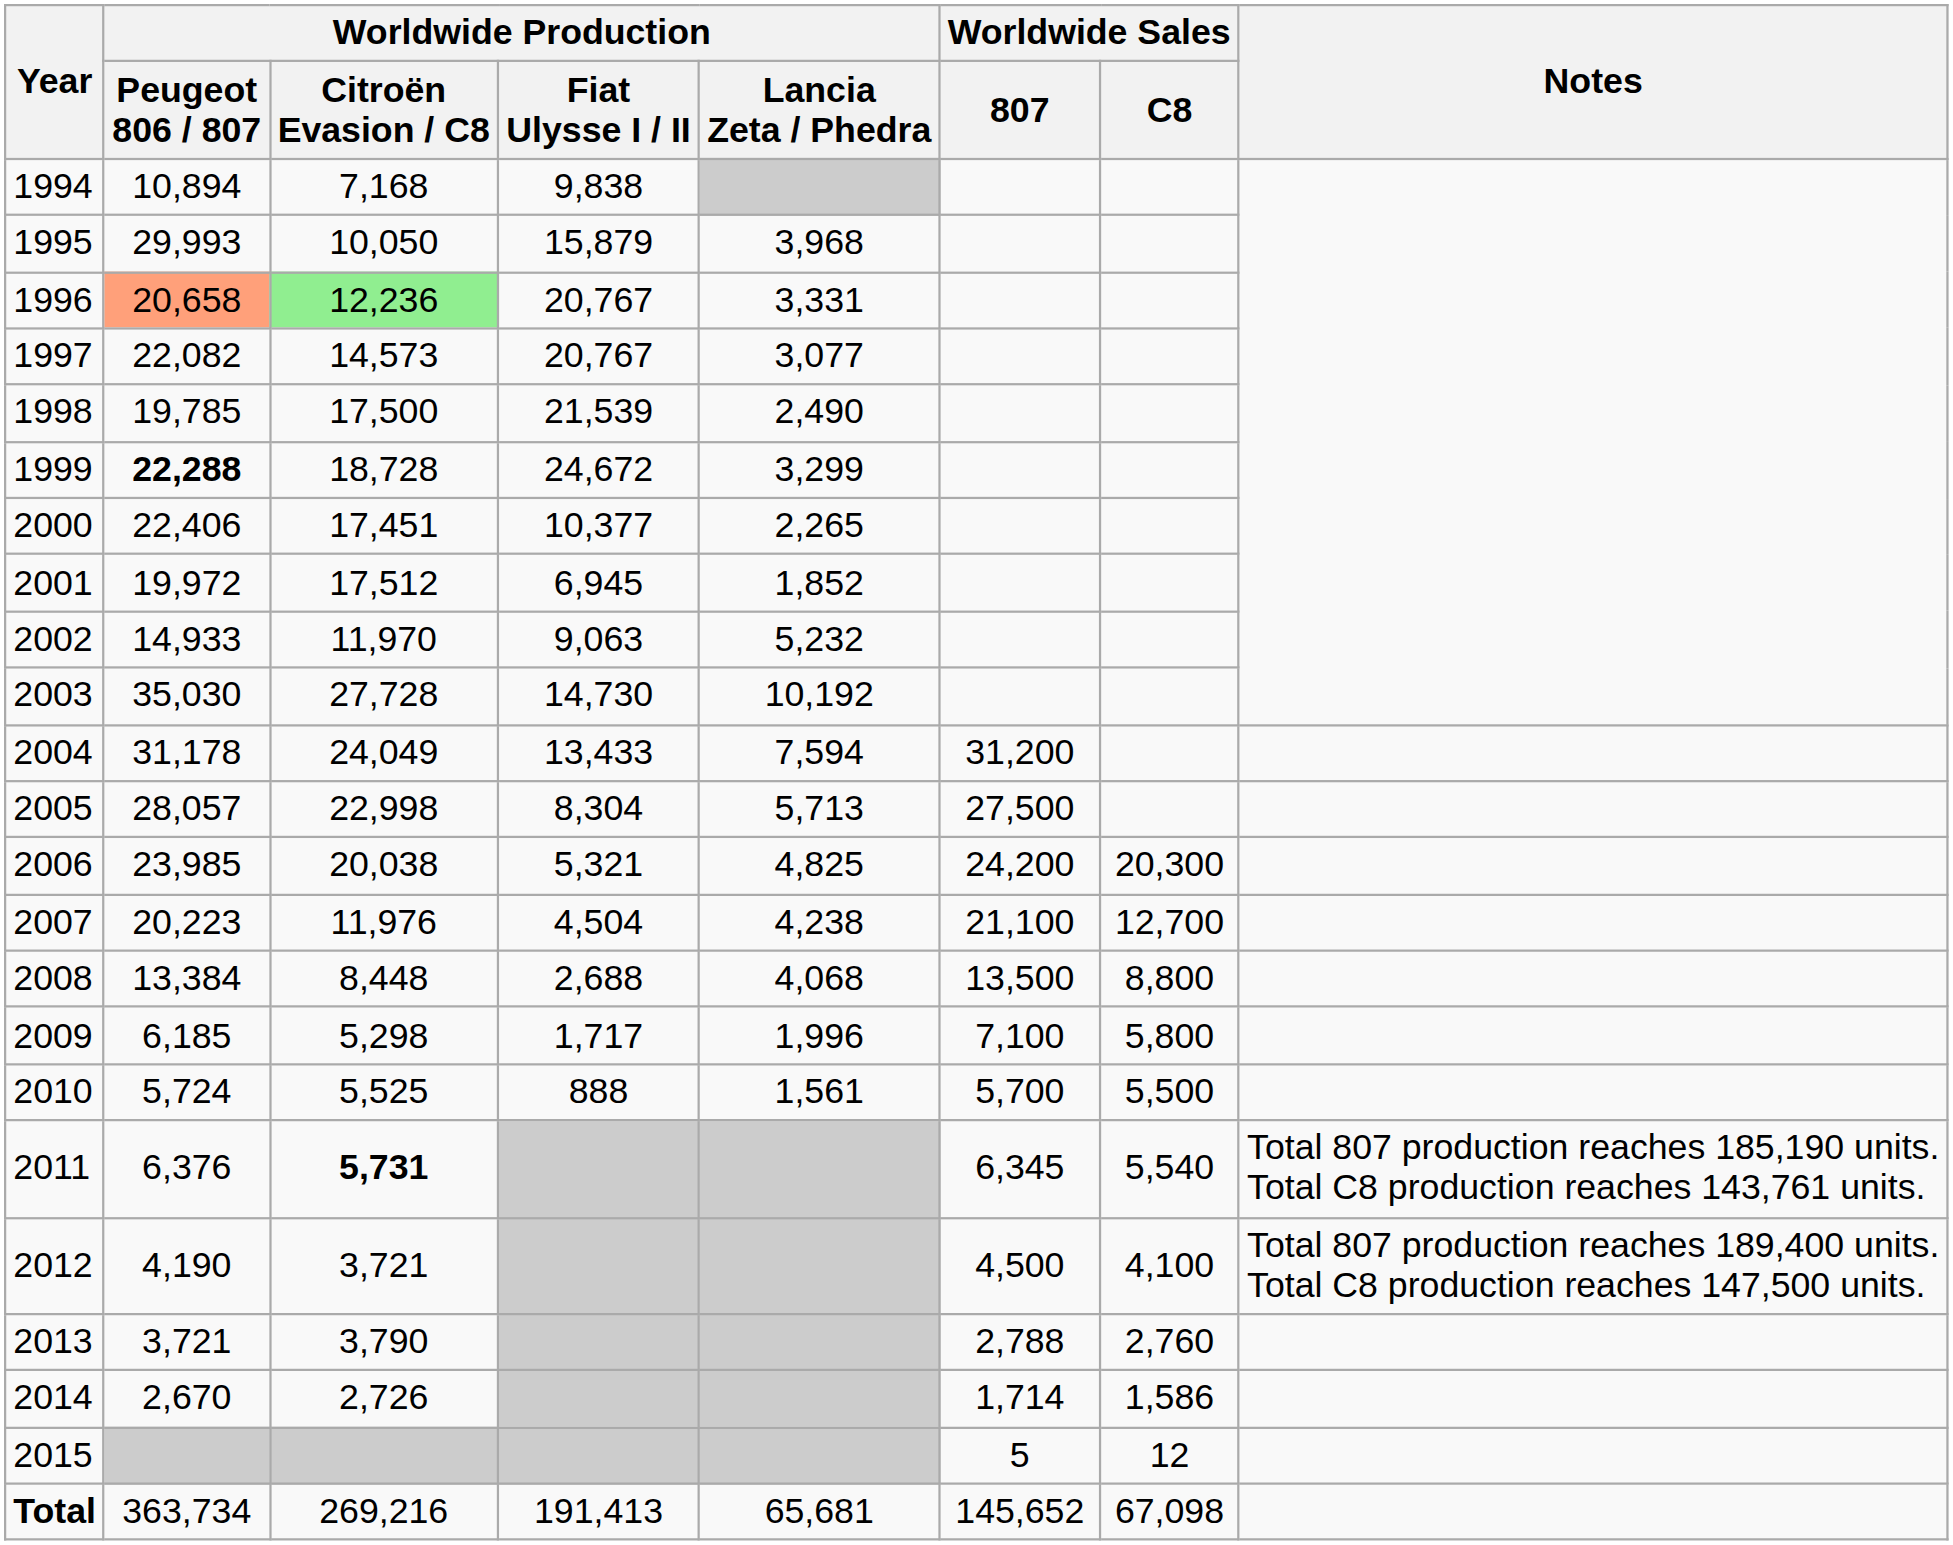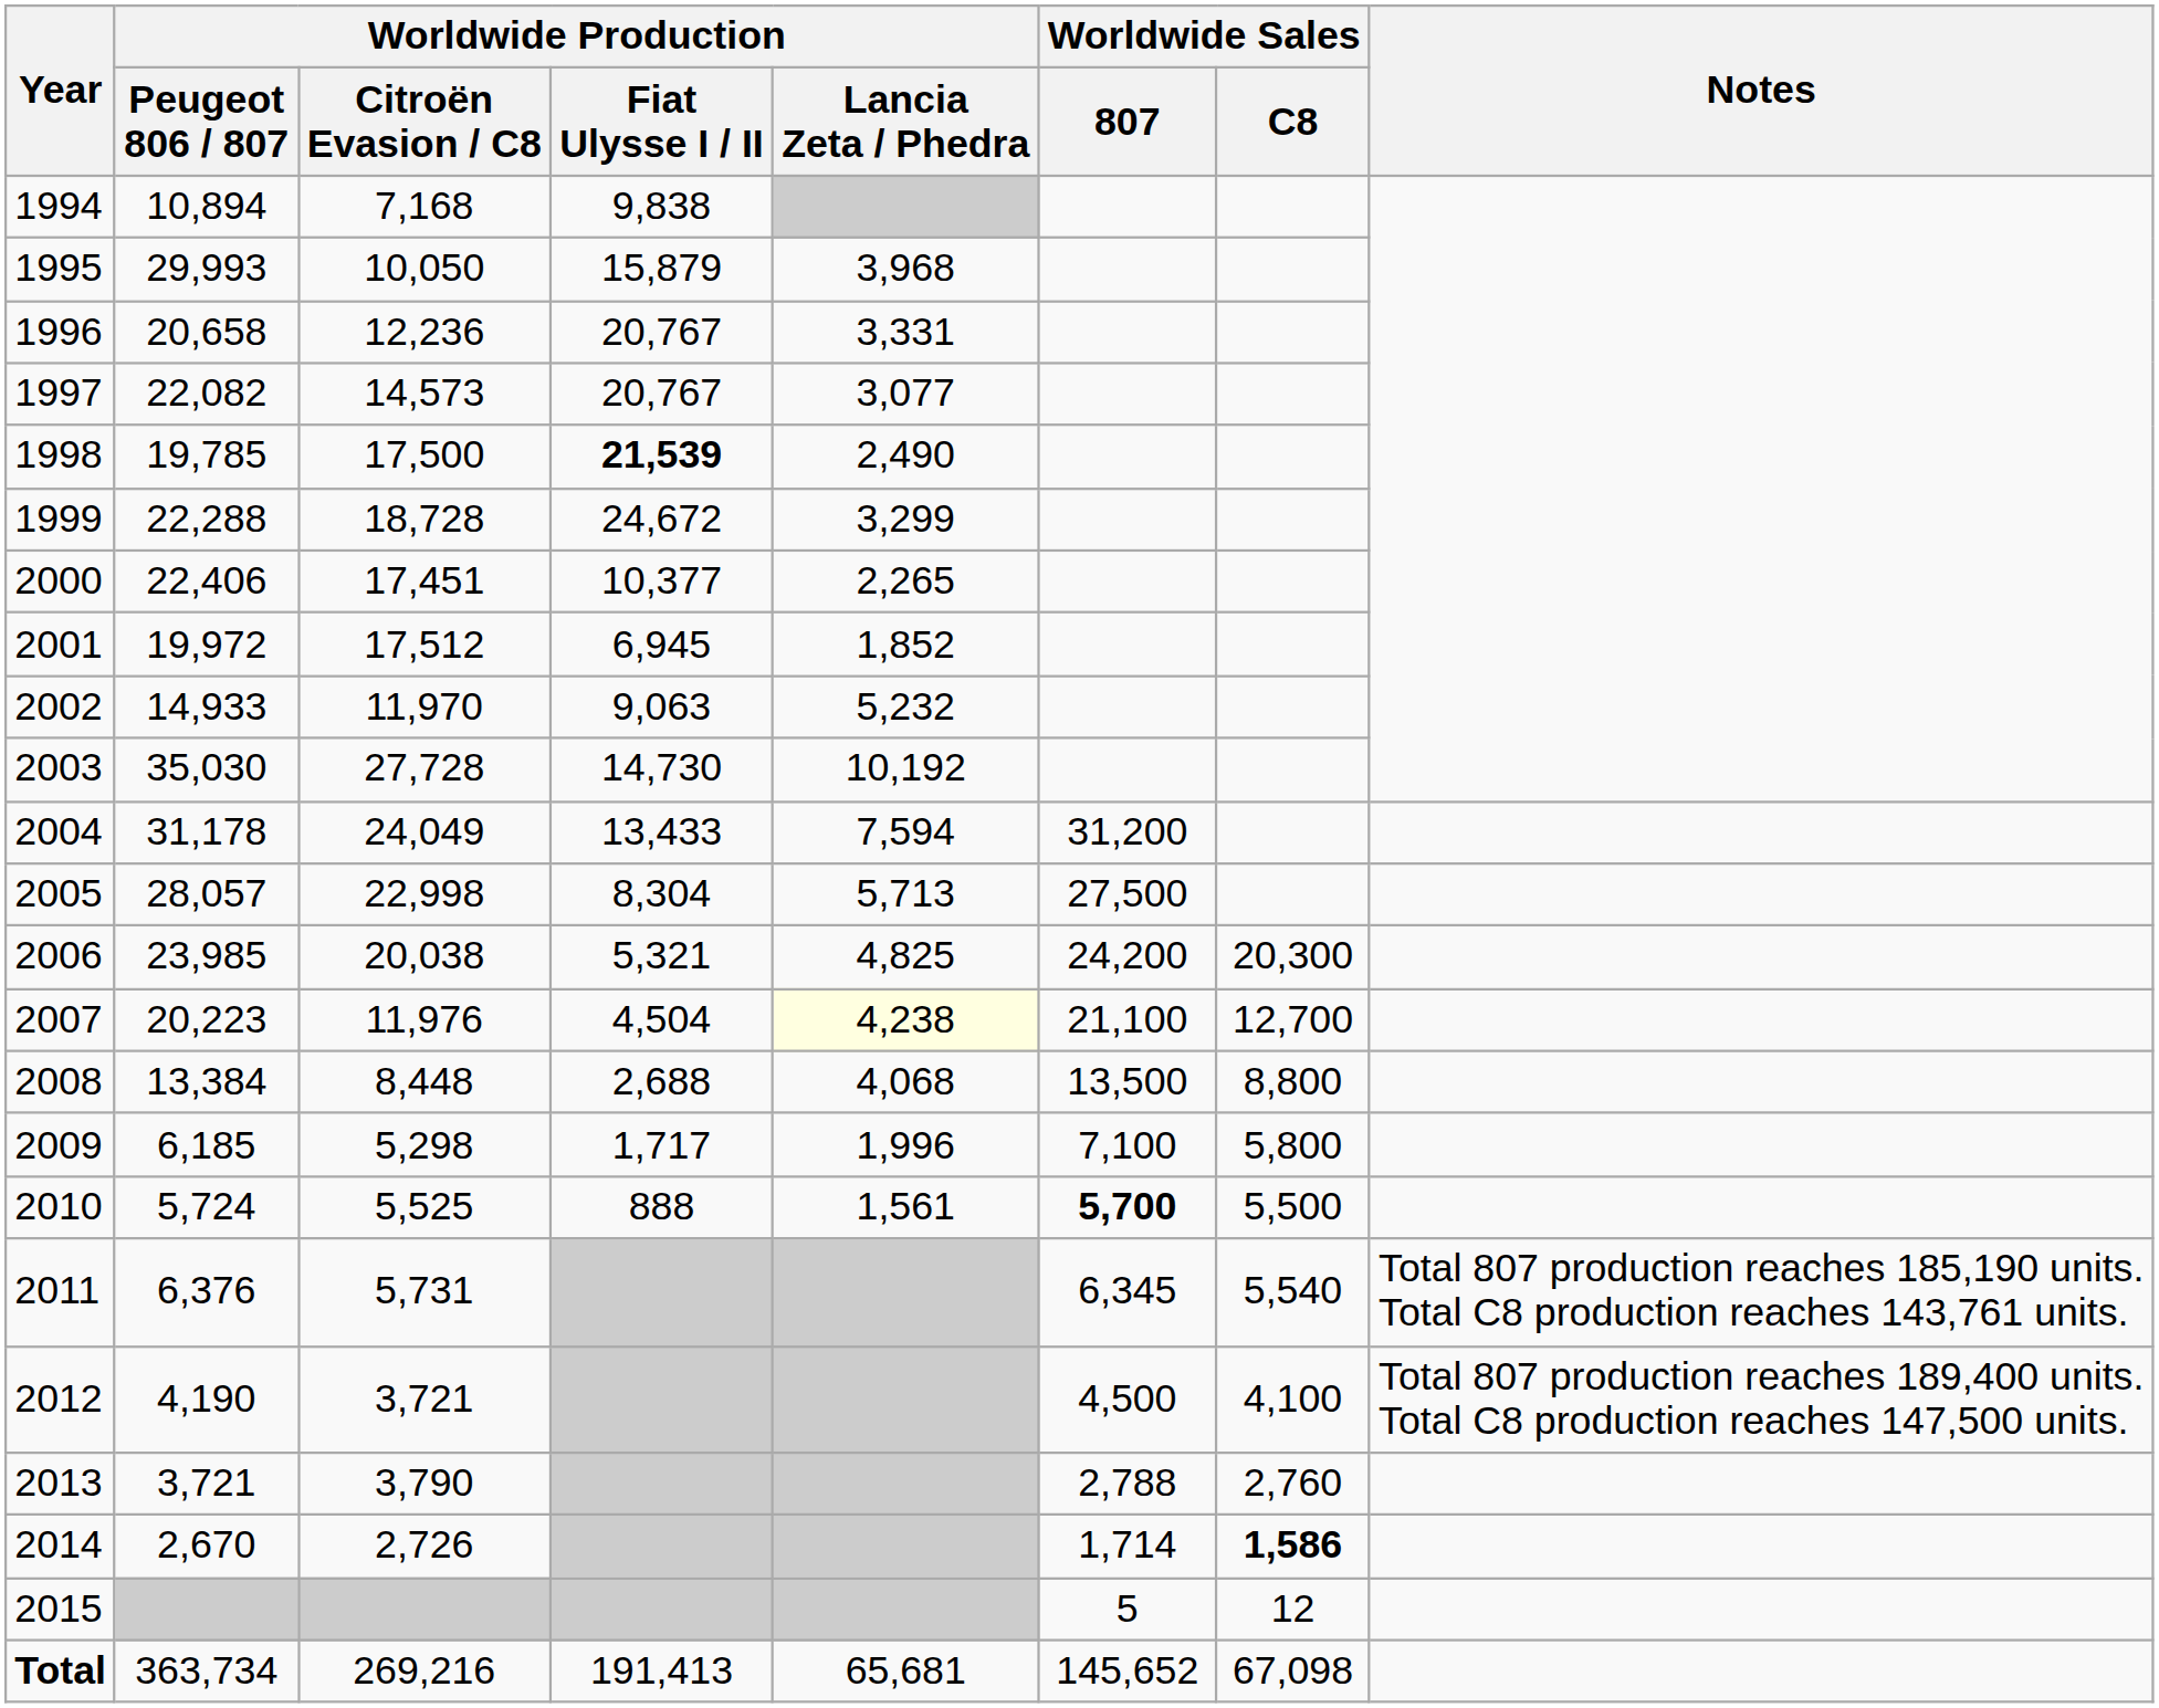 <table class="wikitable" style=";">
 <tr align="center">
 <th rowspan=2>Year</th>
 <th colspan=4>Worldwide Production</th>
 <th colspan=2>Worldwide Sales</th>
 <th rowspan=2>Notes</th>
 </tr>
 <tr>
 <th>Peugeot<br>806 / 807</th>
 <th>Citroën<br>Evasion / C8</th>
 <th>Fiat<br>Ulysse I / II</th>
 <th>Lancia<br>Zeta / Phedra</th>
 <th>807</th>
 <th>C8</th>
 </tr>
 <tr>
 <td>1994</td>
 <td align="center">10,894</td>
 <td align="center">7,168</td>
 <td align="center">9,838</td>
 <td style="background:#CCCCCC"></td>
 <td></td>
 <td></td>
 </tr>
 <tr>
 <td>1995</td>
 <td align="center">29,993</td>
 <td align="center">10,050</td>
 <td align="center">15,879</td>
 <td align="center">3,968</td>
 <td></td>
 <td></td>
 </tr>
 <tr>
 <td>1996</td>
-<td align="center" style="background: lightsalmon;">20,658</td>
-<td align="center" style="background: lightgreen;">12,236</td>
+<td align="center">20,658</td>
+<td align="center">12,236</td>
 <td align="center">20,767</td>
 <td align="center">3,331</td>
 <td></td>
 <td></td>
 </tr>
 <tr>
 <td>1997</td>
 <td align="center">22,082</td>
 <td align="center">14,573</td>
 <td align="center">20,767</td>
 <td align="center">3,077</td>
 <td></td>
 <td></td>
 </tr>
 <tr>
 <td>1998</td>
 <td align="center">19,785</td>
 <td align="center">17,500</td>
-<td align="center">21,539</td>
+<td align="center"><strong>21,539</strong></td>
 <td align="center">2,490</td>
 <td></td>
 <td></td>
 </tr>
 <tr>
 <td>1999</td>
-<td align="center"><strong>22,288</strong></td>
+<td align="center">22,288</td>
 <td align="center">18,728</td>
 <td align="center">24,672</td>
 <td align="center">3,299</td>
 <td></td>
 <td></td>
 </tr>
 <tr>
 <td>2000</td>
 <td align="center">22,406</td>
 <td align="center">17,451</td>
 <td align="center">10,377</td>
 <td align="center">2,265</td>
 <td></td>
 <td></td>
 </tr>
 <tr>
 <td>2001</td>
 <td align="center">19,972</td>
 <td align="center">17,512</td>
 <td align="center">6,945</td>
 <td align="center">1,852</td>
 <td></td>
 <td></td>
 </tr>
 <tr>
 <td>2002</td>
 <td align="center">14,933</td>
 <td align="center">11,970</td>
 <td align="center">9,063</td>
 <td align="center">5,232</td>
 <td></td>
 <td></td>
 </tr>
 <tr>
 <td>2003</td>
 <td align="center">35,030</td>
 <td align="center">27,728</td>
 <td align="center">14,730</td>
 <td align="center">10,192</td>
 <td></td>
 <td></td>
 </tr>
 <tr>
 <td>2004</td>
 <td align="center">31,178</td>
 <td align="center">24,049</td>
 <td align="center">13,433</td>
 <td align="center">7,594</td>
 <td align="center">31,200</td>
 <td></td>
 <td></td>
 </tr>
 <tr>
 <td>2005</td>
 <td align="center">28,057</td>
 <td align="center">22,998</td>
 <td align="center">8,304</td>
 <td align="center">5,713</td>
 <td align="center">27,500</td>
 <td></td>
 <td></td>
 </tr>
 <tr>
 <td>2006</td>
 <td align="center">23,985</td>
 <td align="center">20,038</td>
 <td align="center">5,321</td>
 <td align="center">4,825</td>
 <td align="center">24,200</td>
 <td align="center">20,300</td>
 <td></td>
 </tr>
 <tr>
 <td>2007</td>
 <td align="center">20,223</td>
 <td align="center">11,976</td>
 <td align="center">4,504</td>
-<td align="center">4,238</td>
+<td align="center" style="background: lightyellow;">4,238</td>
 <td align="center">21,100</td>
 <td align="center">12,700</td>
 <td></td>
 </tr>
 <tr>
 <td>2008</td>
 <td align="center">13,384</td>
 <td align="center">8,448</td>
 <td align="center">2,688</td>
 <td align="center">4,068</td>
 <td align="center">13,500</td>
 <td align="center">8,800</td>
 <td></td>
 </tr>
 <tr>
 <td>2009</td>
 <td align="center">6,185</td>
 <td align="center">5,298</td>
 <td align="center">1,717</td>
 <td align="center">1,996</td>
 <td align="center">7,100</td>
 <td align="center">5,800</td>
 <td></td>
 </tr>
 <tr>
 <td>2010</td>
 <td align="center">5,724</td>
 <td align="center">5,525</td>
 <td align="center">888</td>
 <td align="center">1,561</td>
-<td align="center">5,700</td>
+<td align="center"><strong>5,700</strong></td>
 <td align="center">5,500</td>
 <td></td>
 </tr>
 <tr>
 <td>2011</td>
 <td align="center">6,376</td>
-<td align="center"><strong>5,731</strong></td>
+<td align="center">5,731</td>
 <td style="background:#CCCCCC"></td>
 <td style="background:#CCCCCC"></td>
 <td align="center">6,345</td>
 <td align="center">5,540</td>
 <td>Total 807 production reaches 185,190 units.<br>Total C8 production reaches 143,761 units.</td>
 </tr>
 <tr>
 <td>2012</td>
 <td align="center">4,190</td>
 <td align="center">3,721</td>
 <td style="background:#CCCCCC"></td>
 <td style="background:#CCCCCC"></td>
 <td align="center">4,500</td>
 <td align="center">4,100</td>
 <td>Total 807 production reaches 189,400 units.<br>Total C8 production reaches 147,500 units.</td>
 </tr>
 <tr>
 <td>2013</td>
 <td align="center">3,721</td>
 <td align="center">3,790</td>
 <td style="background:#CCCCCC"></td>
 <td style="background:#CCCCCC"></td>
 <td align="center">2,788</td>
 <td align="center">2,760</td>
 <td></td>
 </tr>
 <tr>
 <td>2014</td>
 <td align="center">2,670</td>
 <td align="center">2,726</td>
 <td style="background:#CCCCCC"></td>
 <td style="background:#CCCCCC"></td>
 <td align="center">1,714</td>
-<td align="center">1,586</td>
+<td align="center"><strong>1,586</strong></td>
 <td></td>
 </tr>
 <tr>
 <td>2015</td>
 <td style="background:#CCCCCC"></td>
 <td style="background:#CCCCCC"></td>
 <td style="background:#CCCCCC"></td>
 <td style="background:#CCCCCC"></td>
 <td align="center">5</td>
 <td align="center">12</td>
 <td></td>
 </tr>
 <tr>
 <td><strong>Total</strong></td>
 <td align="center">363,734</td>
 <td align="center">269,216</td>
 <td align="center">191,413</td>
 <td align="center">65,681</td>
 <td align="center">145,652</td>
 <td align="center">67,098</td>
 <td></td>
 </tr>
 </table>
